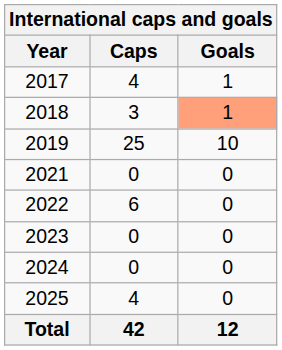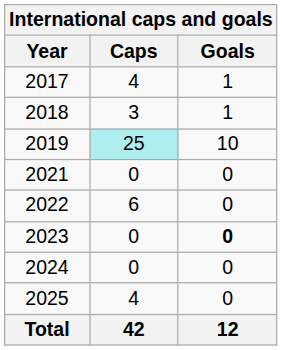 <table class="wikitable sortable" style="text-align:center">
 <tr>
 <th colspan="3">International caps and goals</th>
 </tr>
 <tr>
 <th>Year</th>
 <th>Caps</th>
 <th>Goals</th>
 </tr>
 <tr>
 <td>2017</td>
 <td>4</td>
 <td>1</td>
 </tr>
 <tr>
 <td>2018</td>
 <td>3</td>
-<td style="background: lightsalmon;">1</td>
+<td>1</td>
 </tr>
 <tr>
 <td>2019</td>
-<td>25</td>
+<td style="background: paleturquoise;">25</td>
 <td>10</td>
 </tr>
 <tr>
 <td>2021</td>
 <td>0</td>
 <td>0</td>
 </tr>
 <tr>
 <td>2022</td>
 <td>6</td>
 <td>0</td>
 </tr>
 <tr>
 <td>2023</td>
 <td>0</td>
-<td>0</td>
+<td><strong>0</strong></td>
 </tr>
 <tr>
 <td>2024</td>
 <td>0</td>
 <td>0</td>
 </tr>
 <tr>
 <td>2025</td>
 <td>4</td>
 <td>0</td>
 </tr>
 <tr>
 <th>Total</th>
 <th>42</th>
 <th>12</th>
 </tr>
 </table>
